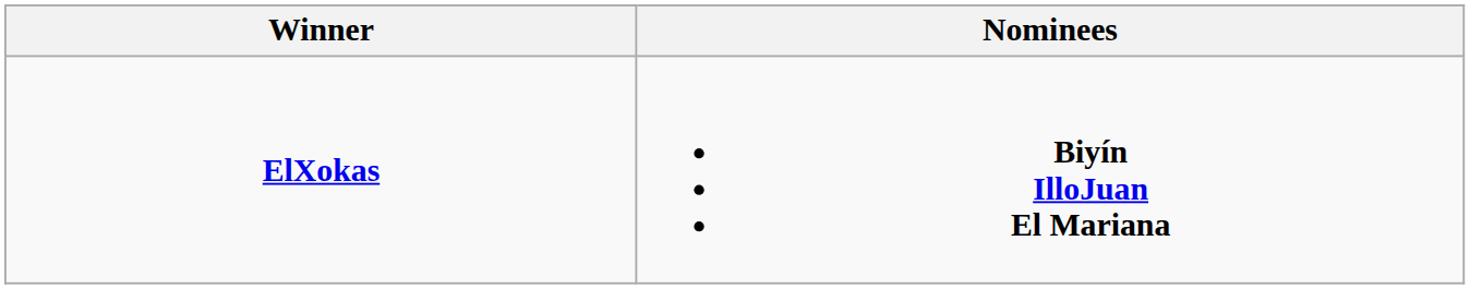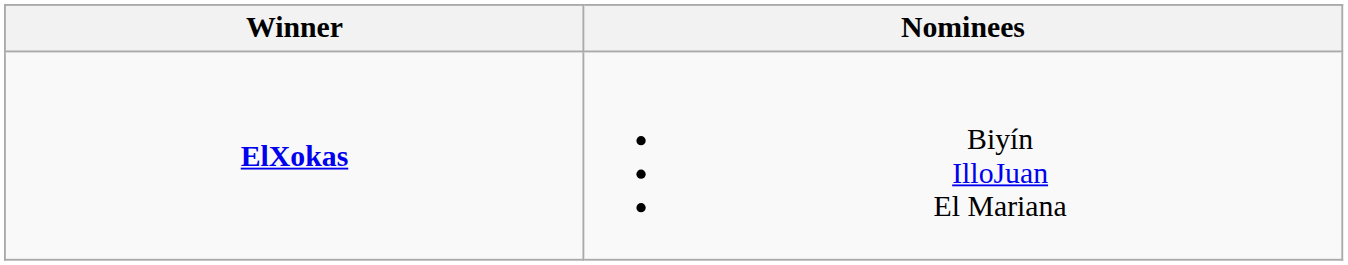 <table class="wikitable" style="text-align:center;">
 <tr>
 <th scope="col" style="width:19em;">Winner</th>
 <th scope="col" style="width:25em;">Nominees</th>
 </tr>
 <tr>
 <td><strong> <a href='#'>ElXokas</a></strong></td>
-<td><strong><br><ul><li> Biyín</li><li> <a href='#'>IlloJuan</a></li><li> El Mariana</li></ul></strong></td>
+<td><br><ul><li> Biyín</li><li> <a href='#'>IlloJuan</a></li><li> El Mariana</li></ul></td>
 </tr>
 </table>
